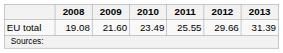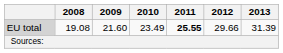 <table class="wikitable" style="margin-left: 10px; margin-right: 30px; text-align: right; min-width: 450px;">
 <tr>
 <th></th>
 <th>2008</th>
 <th>2009</th>
 <th>2010</th>
 <th>2011</th>
 <th>2012</th>
 <th>2013</th>
 </tr>
 <tr>
-<td style="text-align: left; "> EU total</td>
+<td style="background: lightgrey; text-align: left; "> EU total</td>
 <td>19.08</td>
 <td>21.60</td>
 <td>23.49</td>
-<td>25.55</td>
+<td><strong>25.55</strong></td>
 <td>29.66</td>
 <td>31.39</td>
 </tr>
 <tr>
 <th style="font-size: 0.85em; font-weight: normal; text-align: left; padding-left: 10px; " colspan=7>Sources:</th>
 </tr>
 </table>
